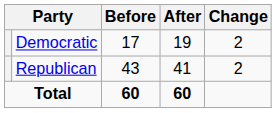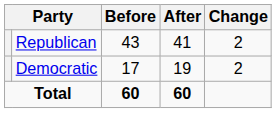 <table class="wikitable" style="text-align:center;">
 <tr>
 <th colspan="2">Party</th>
 <th>Before</th>
 <th>After</th>
 <th>Change</th>
 </tr>
 <tr>
 <th style="background-color:"></th>
-<td style="text-align:left;"><a href='#'>Democratic</a></td>
-<td>17</td>
-<td>19</td>
+<td style="text-align:left;"><a href='#'>Republican</a></td>
+<td>43</td>
+<td>41</td>
 <td> 2</td>
 </tr>
 <tr>
 <th style="background-color:"></th>
-<td style="text-align:left;"><a href='#'>Republican</a></td>
-<td>43</td>
-<td>41</td>
+<td style="text-align:left;"><a href='#'>Democratic</a></td>
+<td>17</td>
+<td>19</td>
 <td> 2</td>
 </tr>
 <tr>
 <td colspan="2"><strong>Total</strong></td>
 <td><strong>60</strong></td>
 <td><strong>60</strong></td>
 <td></td>
 </tr>
 </table>
